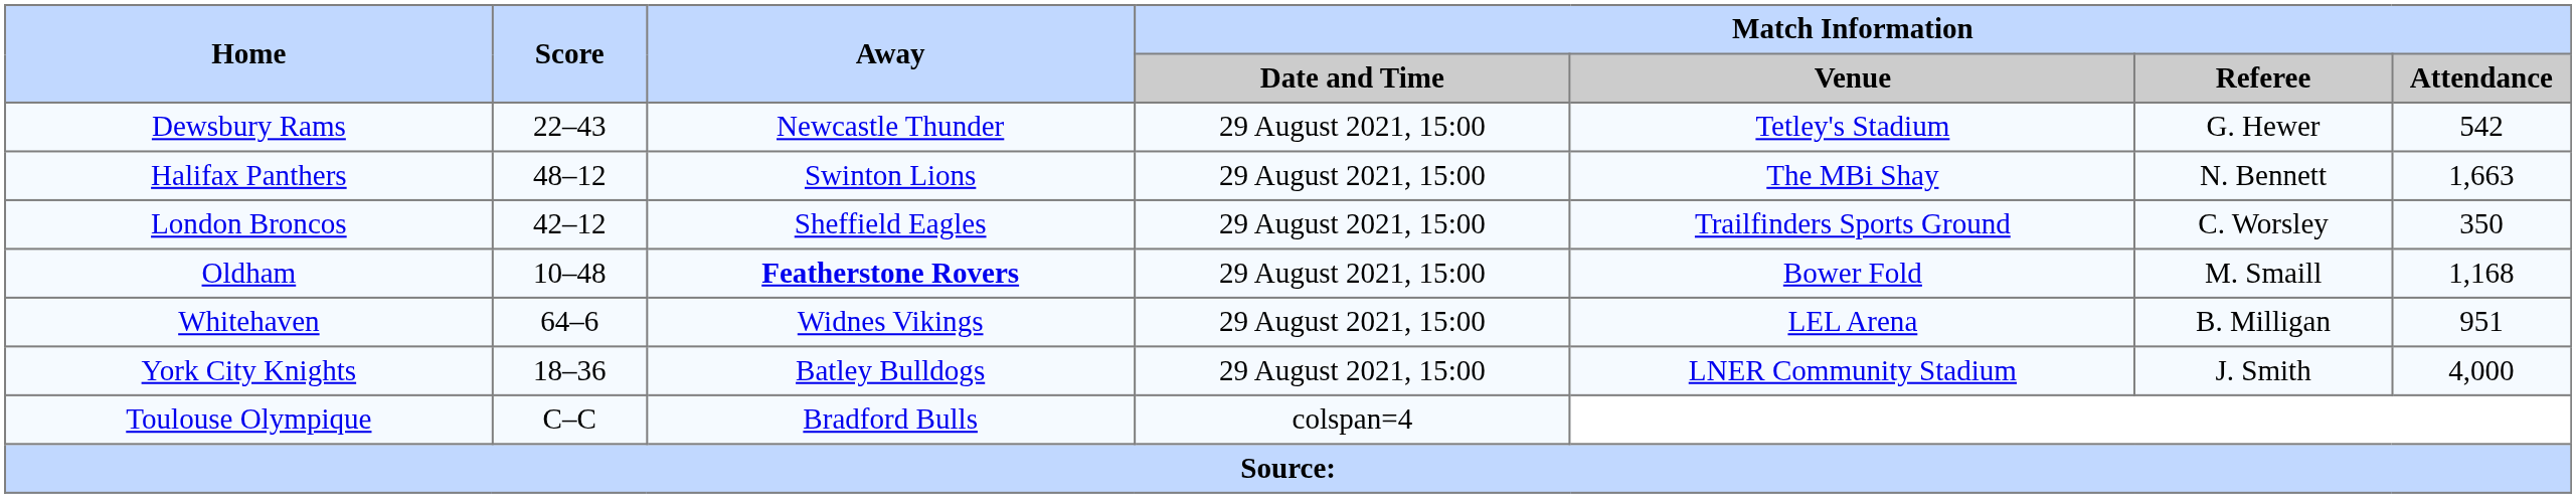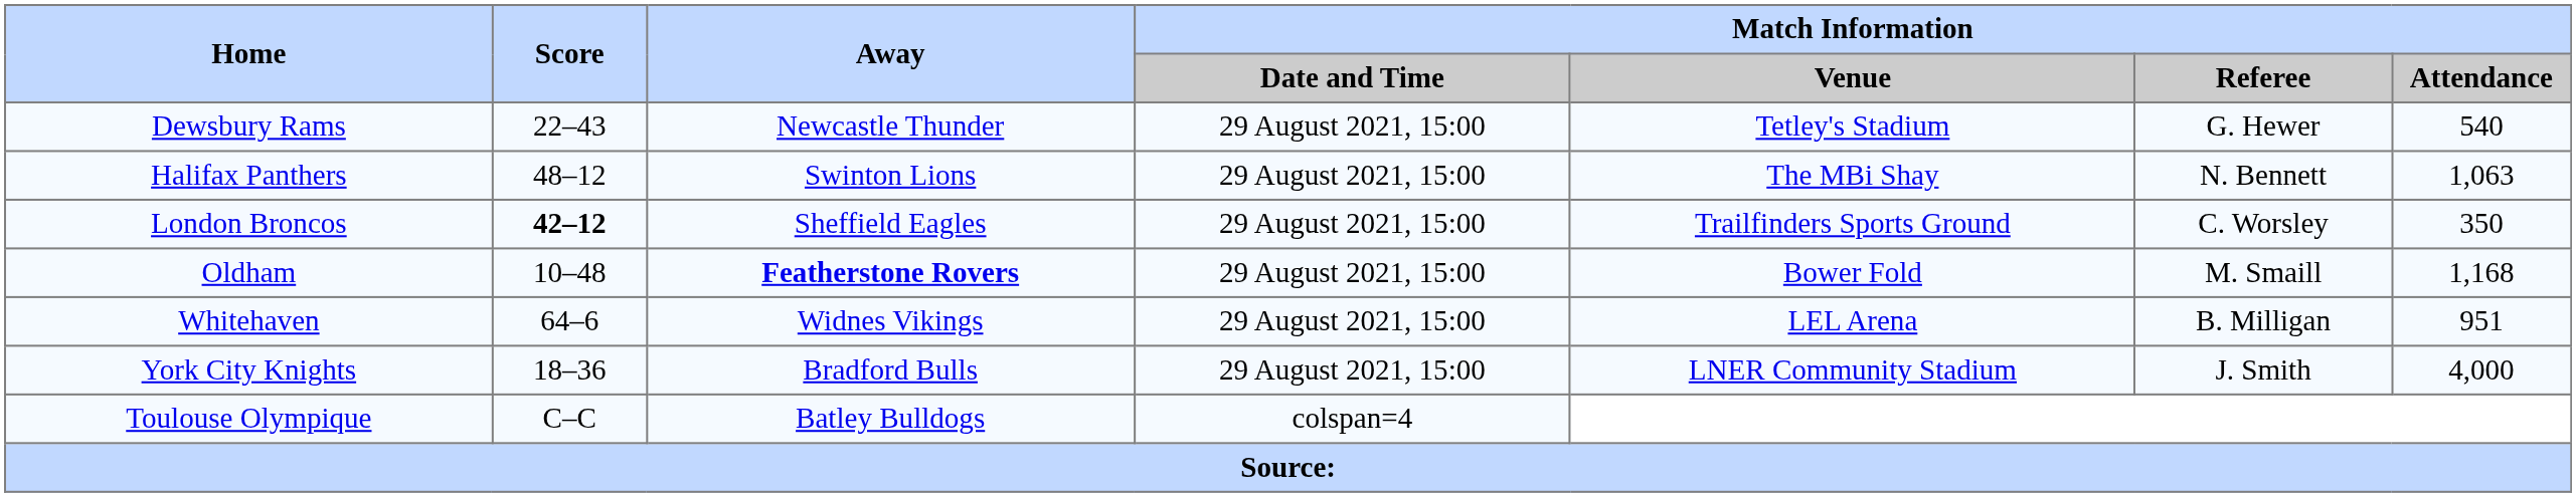 <table border=1 style="border-collapse:collapse; font-size:90%; text-align:center;" cellpadding=3 cellspacing=0 width=100%>
 <tr style="background:#c1d8ff;">
 <th scope="col" rowspan=2 width=19%>Home</th>
 <th scope="col" rowspan=2 width=6%>Score</th>
 <th scope="col" rowspan=2 width=19%>Away</th>
 <th colspan=6>Match Information</th>
 </tr>
 <tr style="background:#cccccc;">
 <th scope="col" width=17%>Date and Time</th>
 <th scope="col" width=22%>Venue</th>
 <th scope="col" width=10%>Referee</th>
 <th scope="col" width=7%>Attendance</th>
 </tr>
 <tr style="background:#f5faff;">
 <td> <a href='#'>Dewsbury Rams</a></td>
 <td>22–43</td>
 <td> <a href='#'>Newcastle Thunder</a></td>
 <td>29 August 2021, 15:00</td>
 <td><a href='#'>Tetley's Stadium</a></td>
 <td>G. Hewer</td>
-<td>542</td>
+<td>540</td>
 </tr>
 <tr style="background:#f5faff;">
 <td> <a href='#'>Halifax Panthers</a></td>
 <td>48–12</td>
 <td> <a href='#'>Swinton Lions</a></td>
 <td>29 August 2021, 15:00</td>
 <td><a href='#'>The MBi Shay</a></td>
 <td>N. Bennett</td>
-<td>1,663</td>
+<td>1,063</td>
 </tr>
 <tr style="background:#f5faff;">
 <td> <a href='#'>London Broncos</a></td>
-<td>42–12</td>
+<td><strong>42–12</strong></td>
 <td> <a href='#'>Sheffield Eagles</a></td>
 <td>29 August 2021, 15:00</td>
 <td><a href='#'>Trailfinders Sports Ground</a></td>
 <td>C. Worsley</td>
 <td>350</td>
 </tr>
 <tr style="background:#f5faff;">
 <td> <a href='#'>Oldham</a></td>
 <td>10–48</td>
 <td><strong> <a href='#'>Featherstone Rovers</a></strong></td>
 <td>29 August 2021, 15:00</td>
 <td><a href='#'>Bower Fold</a></td>
 <td>M. Smaill</td>
 <td>1,168</td>
 </tr>
 <tr style="background:#f5faff;">
 <td> <a href='#'>Whitehaven</a></td>
 <td>64–6</td>
 <td> <a href='#'>Widnes Vikings</a></td>
 <td>29 August 2021, 15:00</td>
 <td><a href='#'>LEL Arena</a></td>
 <td>B. Milligan</td>
 <td>951</td>
 </tr>
 <tr style="background:#f5faff;">
 <td> <a href='#'>York City Knights</a></td>
 <td>18–36</td>
-<td> <a href='#'>Batley Bulldogs</a></td>
+<td> <a href='#'>Bradford Bulls</a></td>
 <td>29 August 2021, 15:00</td>
 <td><a href='#'>LNER Community Stadium</a></td>
 <td>J. Smith</td>
 <td>4,000</td>
 </tr>
 <tr style="background:#f5faff;">
 <td> <a href='#'>Toulouse Olympique</a></td>
 <td>C–C</td>
-<td> <a href='#'>Bradford Bulls</a></td>
+<td> <a href='#'>Batley Bulldogs</a></td>
 <td>colspan=4 </td>
 </tr>
 <tr style="background:#c1d8ff;">
 <th colspan=7>Source:</th>
 </tr>
 </table>
